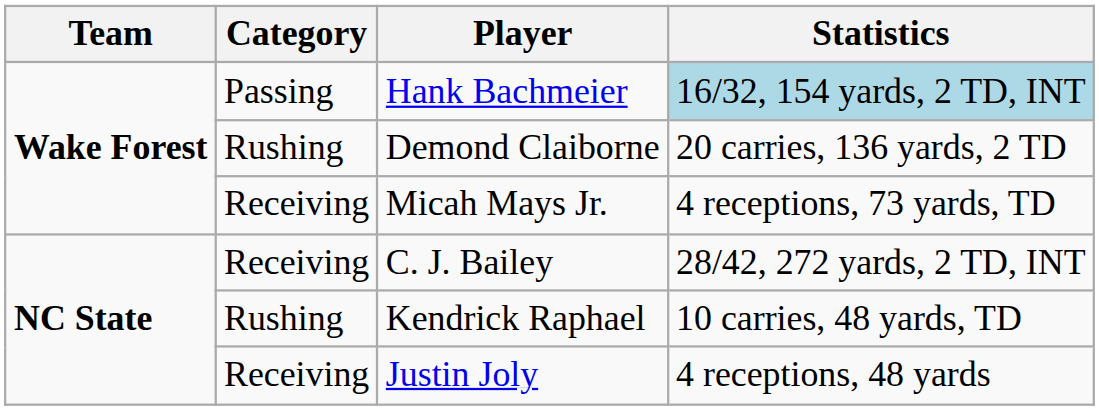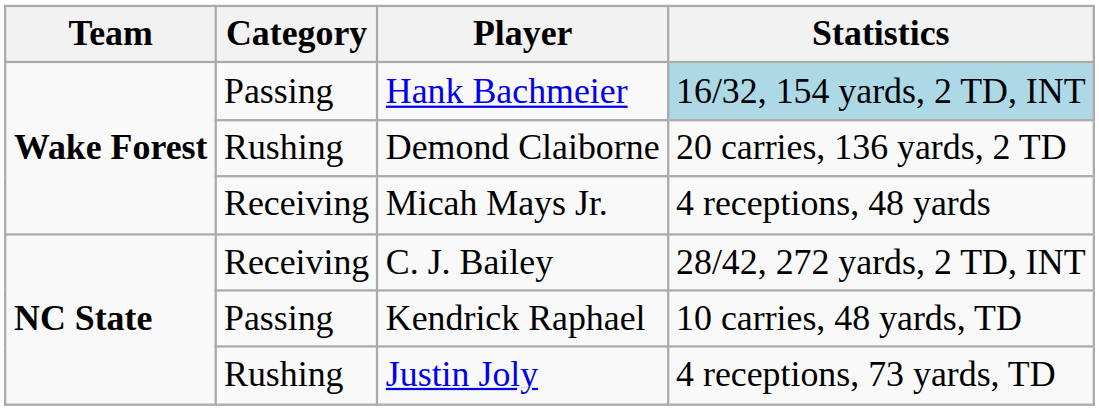 <table class="wikitable" style="float: right;">
 <tr>
 <th>Team</th>
 <th>Category</th>
 <th>Player</th>
 <th>Statistics</th>
 </tr>
 <tr>
 <td rowspan=3><strong>Wake Forest</strong></td>
 <td>Passing</td>
 <td><a href='#'>Hank Bachmeier</a></td>
 <td style="background: lightblue;">16/32, 154 yards, 2 TD, INT</td>
 </tr>
 <tr>
 <td>Rushing</td>
 <td>Demond Claiborne</td>
 <td>20 carries, 136 yards, 2 TD</td>
 </tr>
 <tr>
 <td>Receiving</td>
 <td>Micah Mays Jr.</td>
-<td>4 receptions, 73 yards, TD</td>
+<td>4 receptions, 48 yards</td>
 </tr>
 <tr>
 <td rowspan=3><strong>NC State</strong></td>
 <td>Receiving</td>
 <td>C. J. Bailey</td>
 <td>28/42, 272 yards, 2 TD, INT</td>
 </tr>
 <tr>
-<td>Rushing</td>
+<td>Passing</td>
 <td>Kendrick Raphael</td>
 <td>10 carries, 48 yards, TD</td>
 </tr>
 <tr>
-<td>Receiving</td>
+<td>Rushing</td>
 <td><a href='#'>Justin Joly</a></td>
-<td>4 receptions, 48 yards</td>
+<td>4 receptions, 73 yards, TD</td>
 </tr>
 </table>
